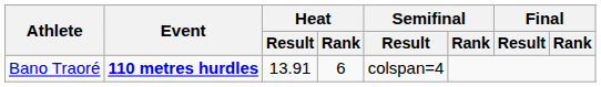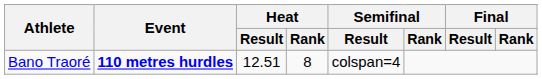 <table class="wikitable" style="font-size:90%">
 <tr>
 <th rowspan="2">Athlete</th>
 <th rowspan="2">Event</th>
 <th colspan="2">Heat</th>
 <th colspan="2">Semifinal</th>
 <th colspan="2">Final</th>
 </tr>
 <tr style="font-size:95%">
 <th>Result</th>
 <th>Rank</th>
 <th>Result</th>
 <th>Rank</th>
 <th>Result</th>
 <th>Rank</th>
 </tr>
 <tr style=text-align:center>
 <td style=text-align:left><a href='#'>Bano Traoré</a></td>
 <td style=text-align:left><strong><a href='#'>110 metres hurdles</a></strong></td>
-<td>13.91</td>
-<td>6</td>
+<td>12.51</td>
+<td>8</td>
 <td>colspan=4 </td>
 </tr>
 </table>
